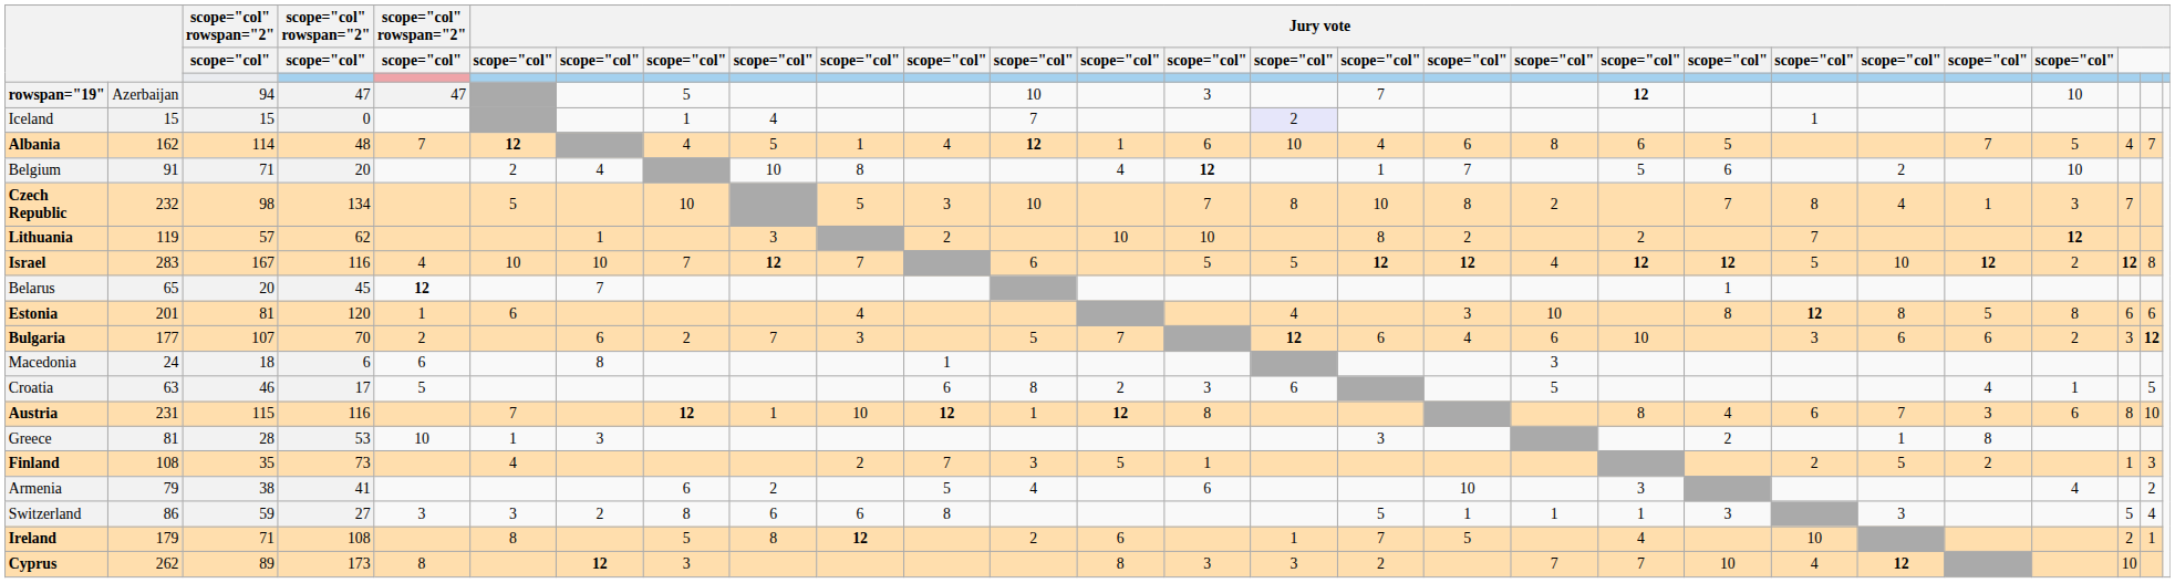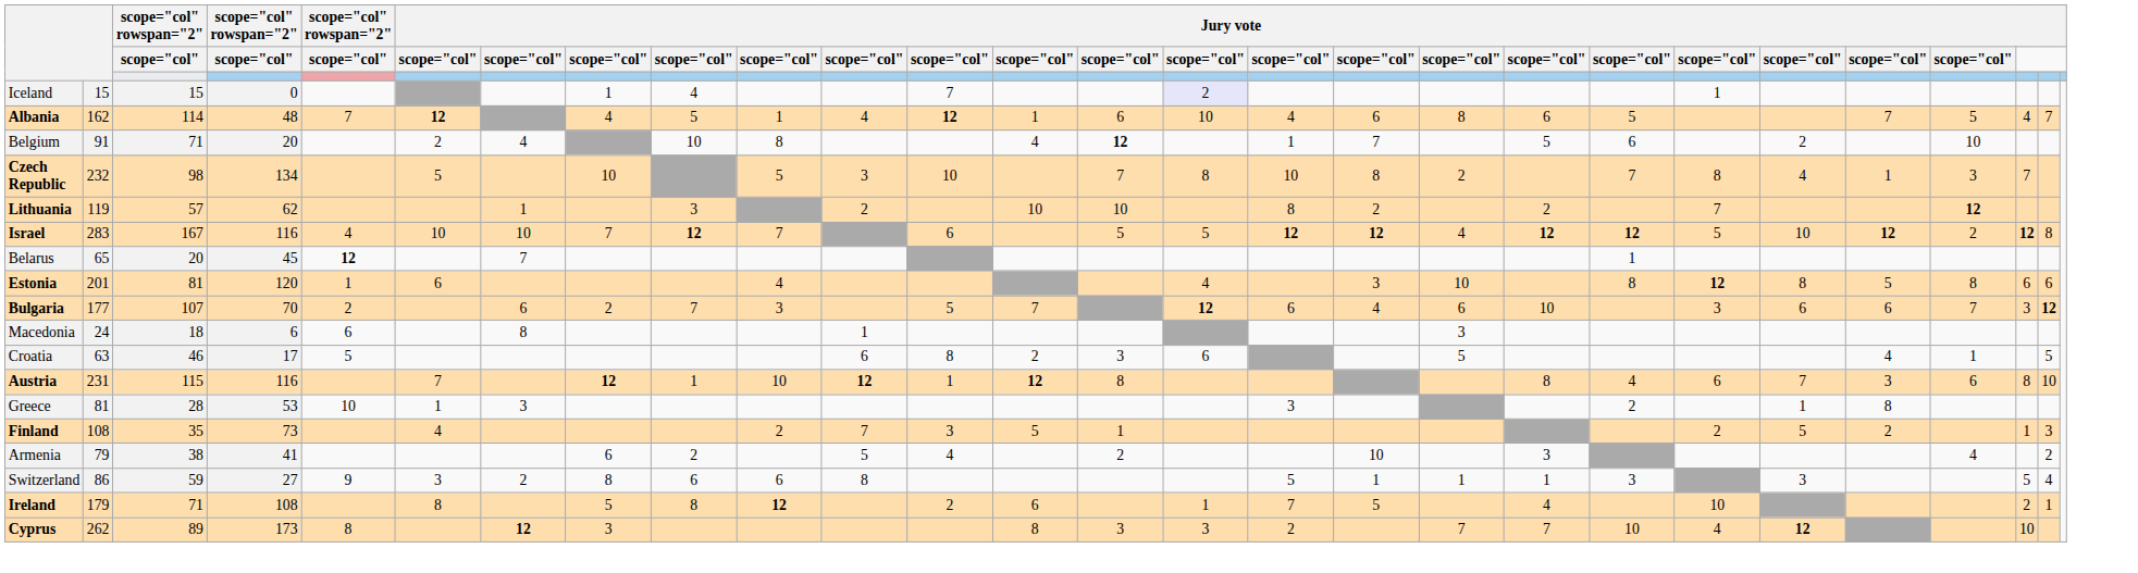 <table class="wikitable plainrowheaders" style="text-align:center; font-size:85%;">
 <tr>
 </tr>
 <tr>
 <td colspan="2" rowspan="3" style="background: #F2F2F2;"></td>
 <th>scope="col" rowspan="2" </th>
 <th>scope="col" rowspan="2" </th>
 <th>scope="col" rowspan="2" </th>
 <th scope="col" colspan="22">Jury vote</th>
 </tr>
 <tr>
 <th>scope="col" </th>
 <th>scope="col" </th>
 <th>scope="col" </th>
 <th>scope="col" </th>
 <th>scope="col" </th>
 <th>scope="col" </th>
 <th>scope="col" </th>
 <th>scope="col" </th>
 <th>scope="col" </th>
 <th>scope="col" </th>
 <th>scope="col" </th>
 <th>scope="col" </th>
 <th>scope="col" </th>
 <th>scope="col" </th>
 <th>scope="col" </th>
 <th>scope="col" </th>
 <th>scope="col" </th>
 <th>scope="col" </th>
 <th>scope="col" </th>
 <th>scope="col" </th>
 <th>scope="col" </th>
 <th>scope="col" </th>
 </tr>
 <tr>
 <td style="height:2px; background:#eaecf0; border-top:1px solid transparent;"></td>
 <td style="background:#A4D1EF;"></td>
 <td style="background:#EFA4A9;"></td>
 <th style="background:#A4D1EF;"></th>
 <th style="background:#A4D1EF;"></th>
 <th style="background:#A4D1EF;"></th>
 <th style="background:#A4D1EF;"></th>
 <th style="background:#A4D1EF;"></th>
 <th style="background:#A4D1EF;"></th>
 <th style="background:#A4D1EF;"></th>
 <th style="background:#A4D1EF;"></th>
 <th style="background:#A4D1EF;"></th>
 <th style="background:#A4D1EF;"></th>
 <th style="background:#A4D1EF;"></th>
 <th style="background:#A4D1EF;"></th>
 <th style="background:#A4D1EF;"></th>
 <th style="background:#A4D1EF;"></th>
 <th style="background:#A4D1EF;"></th>
 <th style="background:#A4D1EF;"></th>
 <th style="background:#A4D1EF;"></th>
 <th style="background:#A4D1EF;"></th>
 <th style="background:#A4D1EF;"></th>
 <th style="background:#A4D1EF;"></th>
 <th style="background:#A4D1EF;"></th>
 <th style="background:#A4D1EF;"></th>
-</tr>
-<tr>
-<th>rowspan="19" </th>
-<td scope="row" style="text-align:left; background:#f2f2f2;">Azerbaijan</td>
-<td style="text-align:right; background:#f2f2f2;">94</td>
-<td style="text-align:right; background:#f2f2f2;">47</td>
-<td style="text-align:right; background:#f2f2f2;">47</td>
-<td style="background:#AAAAAA;"></td>
-<td></td>
-<td>5</td>
-<td></td>
-<td></td>
-<td></td>
-<td>10</td>
-<td></td>
-<td>3</td>
-<td></td>
-<td>7</td>
-<td></td>
-<td></td>
-<td><strong>12</strong></td>
-<td></td>
-<td></td>
-<td></td>
-<td></td>
-<td>10</td>
-<td></td>
-<td></td>
-<td></td>
 </tr>
 <tr>
 <td scope="row" style="text-align:left; background:#f2f2f2;">Iceland</td>
 <td style="text-align:right; background:#f2f2f2;">15</td>
 <td style="text-align:right; background:#f2f2f2;">15</td>
 <td style="text-align:right; background:#f2f2f2;">0</td>
 <td></td>
 <td style="background:#AAAAAA;"></td>
 <td></td>
 <td>1</td>
 <td>4</td>
 <td></td>
 <td></td>
 <td>7</td>
 <td></td>
 <td></td>
 <td style="background: lavender;">2</td>
 <td></td>
 <td></td>
 <td></td>
 <td></td>
 <td></td>
 <td>1</td>
 <td></td>
 <td></td>
 <td></td>
 <td></td>
 <td></td>
 </tr>
 <tr style="background:#ffdead;">
 <td scope="row" style="text-align:left; font-weight:bold; background:#ffdead;">Albania</td>
 <td style="text-align:right;">162</td>
 <td style="text-align:right;">114</td>
 <td style="text-align:right;">48</td>
 <td>7</td>
 <td><strong>12</strong></td>
 <td style="background:#AAAAAA;"></td>
 <td>4</td>
 <td>5</td>
 <td>1</td>
 <td>4</td>
 <td><strong>12</strong></td>
 <td>1</td>
 <td>6</td>
 <td>10</td>
 <td>4</td>
 <td>6</td>
 <td>8</td>
 <td>6</td>
 <td>5</td>
 <td></td>
 <td></td>
 <td>7</td>
 <td>5</td>
 <td>4</td>
 <td>7</td>
 </tr>
 <tr>
 <td scope="row" style="text-align:left; background:#f2f2f2;">Belgium</td>
 <td style="text-align:right; background:#f2f2f2;">91</td>
 <td style="text-align:right; background:#f2f2f2;">71</td>
 <td style="text-align:right; background:#f2f2f2;">20</td>
 <td></td>
 <td>2</td>
 <td>4</td>
 <td style="background:#AAAAAA;"></td>
 <td>10</td>
 <td>8</td>
 <td></td>
 <td></td>
 <td>4</td>
 <td><strong>12</strong></td>
 <td></td>
 <td>1</td>
 <td>7</td>
 <td></td>
 <td>5</td>
 <td>6</td>
 <td></td>
 <td>2</td>
 <td></td>
 <td>10</td>
 <td></td>
 <td></td>
 </tr>
 <tr style="background:#ffdead;">
 <td scope="row" style="text-align:left; font-weight:bold; background:#ffdead;">Czech Republic</td>
 <td style="text-align:right;">232</td>
 <td style="text-align:right;">98</td>
 <td style="text-align:right;">134</td>
 <td></td>
 <td>5</td>
 <td></td>
 <td>10</td>
 <td style="background:#AAAAAA;"></td>
 <td>5</td>
 <td>3</td>
 <td>10</td>
 <td></td>
 <td>7</td>
 <td>8</td>
 <td>10</td>
 <td>8</td>
 <td>2</td>
 <td></td>
 <td>7</td>
 <td>8</td>
 <td>4</td>
 <td>1</td>
 <td>3</td>
 <td>7</td>
 <td></td>
 </tr>
 <tr style="background:#ffdead;">
 <td scope="row" style="text-align:left; font-weight:bold; background:#ffdead;">Lithuania</td>
 <td style="text-align:right;">119</td>
 <td style="text-align:right;">57</td>
 <td style="text-align:right;">62</td>
 <td></td>
 <td></td>
 <td>1</td>
 <td></td>
 <td>3</td>
 <td style="background:#AAAAAA;"></td>
 <td>2</td>
 <td></td>
 <td>10</td>
 <td>10</td>
 <td></td>
 <td>8</td>
 <td>2</td>
 <td></td>
 <td>2</td>
 <td></td>
 <td>7</td>
 <td></td>
 <td></td>
 <td><strong>12</strong></td>
 <td></td>
 <td></td>
 </tr>
 <tr style="background:#ffdead;">
 <td scope="row" style="text-align:left; font-weight:bold; background:#ffdead;">Israel</td>
 <td style="text-align:right;">283</td>
 <td style="text-align:right;">167</td>
 <td style="text-align:right;">116</td>
 <td>4</td>
 <td>10</td>
 <td>10</td>
 <td>7</td>
 <td><strong>12</strong></td>
 <td>7</td>
 <td style="background:#AAAAAA;"></td>
 <td>6</td>
 <td></td>
 <td>5</td>
 <td>5</td>
 <td><strong>12</strong></td>
 <td><strong>12</strong></td>
 <td>4</td>
 <td><strong>12</strong></td>
 <td><strong>12</strong></td>
 <td>5</td>
 <td>10</td>
 <td><strong>12</strong></td>
 <td>2</td>
 <td><strong>12</strong></td>
 <td>8</td>
 </tr>
 <tr>
 <td scope="row" style="text-align:left; background:#f2f2f2;">Belarus</td>
 <td style="text-align:right; background:#f2f2f2;">65</td>
 <td style="text-align:right; background:#f2f2f2;">20</td>
 <td style="text-align:right; background:#f2f2f2;">45</td>
 <td><strong>12</strong></td>
 <td></td>
 <td>7</td>
 <td></td>
 <td></td>
 <td></td>
 <td></td>
 <td style="background:#AAAAAA;"></td>
 <td></td>
 <td></td>
 <td></td>
 <td></td>
 <td></td>
 <td></td>
 <td></td>
 <td>1</td>
 <td></td>
 <td></td>
 <td></td>
 <td></td>
 <td></td>
 <td></td>
 </tr>
 <tr style="background:#ffdead;">
 <td scope="row" style="text-align:left; font-weight:bold; background:#ffdead;">Estonia</td>
 <td style="text-align:right;">201</td>
 <td style="text-align:right;">81</td>
 <td style="text-align:right;">120</td>
 <td>1</td>
 <td>6</td>
 <td></td>
 <td></td>
 <td></td>
 <td>4</td>
 <td></td>
 <td></td>
 <td style="background:#AAAAAA;"></td>
 <td></td>
 <td>4</td>
 <td></td>
 <td>3</td>
 <td>10</td>
 <td></td>
 <td>8</td>
 <td><strong>12</strong></td>
 <td>8</td>
 <td>5</td>
 <td>8</td>
 <td>6</td>
 <td>6</td>
 </tr>
 <tr style="background:#ffdead;">
 <td scope="row" style="text-align:left; font-weight:bold; background:#ffdead;">Bulgaria</td>
 <td style="text-align:right;">177</td>
 <td style="text-align:right;">107</td>
 <td style="text-align:right;">70</td>
 <td>2</td>
 <td></td>
 <td>6</td>
 <td>2</td>
 <td>7</td>
 <td>3</td>
 <td></td>
 <td>5</td>
 <td>7</td>
 <td style="background:#AAAAAA;"></td>
 <td><strong>12</strong></td>
 <td>6</td>
 <td>4</td>
 <td>6</td>
 <td>10</td>
 <td></td>
 <td>3</td>
 <td>6</td>
 <td>6</td>
-<td>2</td>
+<td>7</td>
 <td>3</td>
 <td><strong>12</strong></td>
 </tr>
 <tr>
 <td scope="row" style="text-align:left; background:#f2f2f2;">Macedonia</td>
 <td style="text-align:right; background:#f2f2f2;">24</td>
 <td style="text-align:right; background:#f2f2f2;">18</td>
 <td style="text-align:right; background:#f2f2f2;">6</td>
 <td>6</td>
 <td></td>
 <td>8</td>
 <td></td>
 <td></td>
 <td></td>
 <td>1</td>
 <td></td>
 <td></td>
 <td></td>
 <td style="background:#AAAAAA;"></td>
 <td></td>
 <td></td>
 <td>3</td>
 <td></td>
 <td></td>
 <td></td>
 <td></td>
 <td></td>
 <td></td>
 <td></td>
 <td></td>
 </tr>
 <tr>
 <td scope="row" style="text-align:left; background:#f2f2f2;">Croatia</td>
 <td style="text-align:right; background:#f2f2f2;">63</td>
 <td style="text-align:right; background:#f2f2f2;">46</td>
 <td style="text-align:right; background:#f2f2f2;">17</td>
 <td>5</td>
 <td></td>
 <td></td>
 <td></td>
 <td></td>
 <td></td>
 <td>6</td>
 <td>8</td>
 <td>2</td>
 <td>3</td>
 <td>6</td>
 <td style="background:#AAAAAA;"></td>
 <td></td>
 <td>5</td>
 <td></td>
 <td></td>
 <td></td>
 <td></td>
 <td>4</td>
 <td>1</td>
 <td></td>
 <td>5</td>
 </tr>
 <tr style="background:#ffdead;">
 <td scope="row" style="text-align:left; font-weight:bold; background:#ffdead;">Austria</td>
 <td style="text-align:right;">231</td>
 <td style="text-align:right;">115</td>
 <td style="text-align:right;">116</td>
 <td></td>
 <td>7</td>
 <td></td>
 <td><strong>12</strong></td>
 <td>1</td>
 <td>10</td>
 <td><strong>12</strong></td>
 <td>1</td>
 <td><strong>12</strong></td>
 <td>8</td>
 <td></td>
 <td></td>
 <td style="background:#AAAAAA;"></td>
 <td></td>
 <td>8</td>
 <td>4</td>
 <td>6</td>
 <td>7</td>
 <td>3</td>
 <td>6</td>
 <td>8</td>
 <td>10</td>
 </tr>
 <tr>
 <td scope="row" style="text-align:left; background:#f2f2f2;">Greece</td>
 <td style="text-align:right; background:#f2f2f2;">81</td>
 <td style="text-align:right; background:#f2f2f2;">28</td>
 <td style="text-align:right; background:#f2f2f2;">53</td>
 <td>10</td>
 <td>1</td>
 <td>3</td>
 <td></td>
 <td></td>
 <td></td>
 <td></td>
 <td></td>
 <td></td>
 <td></td>
 <td></td>
 <td>3</td>
 <td></td>
 <td style="background:#AAAAAA;"></td>
 <td></td>
 <td>2</td>
 <td></td>
 <td>1</td>
 <td>8</td>
 <td></td>
 <td></td>
 <td></td>
 </tr>
 <tr style="background:#ffdead;">
 <td scope="row" style="text-align:left; font-weight:bold; background:#ffdead;">Finland</td>
 <td style="text-align:right;">108</td>
 <td style="text-align:right;">35</td>
 <td style="text-align:right;">73</td>
 <td></td>
 <td>4</td>
 <td></td>
 <td></td>
 <td></td>
 <td>2</td>
 <td>7</td>
 <td>3</td>
 <td>5</td>
 <td>1</td>
 <td></td>
 <td></td>
 <td></td>
 <td></td>
 <td style="background:#AAAAAA;"></td>
 <td></td>
 <td>2</td>
 <td>5</td>
 <td>2</td>
 <td></td>
 <td>1</td>
 <td>3</td>
 </tr>
 <tr>
 <td scope="row" style="text-align:left; background:#f2f2f2;">Armenia</td>
 <td style="text-align:right; background:#f2f2f2;">79</td>
 <td style="text-align:right; background:#f2f2f2;">38</td>
 <td style="text-align:right; background:#f2f2f2;">41</td>
 <td></td>
 <td></td>
 <td></td>
 <td>6</td>
 <td>2</td>
 <td></td>
 <td>5</td>
 <td>4</td>
 <td></td>
-<td>6</td>
+<td>2</td>
 <td></td>
 <td></td>
 <td>10</td>
 <td></td>
 <td>3</td>
 <td style="background:#AAAAAA;"></td>
 <td></td>
 <td></td>
 <td></td>
 <td>4</td>
 <td></td>
 <td>2</td>
 </tr>
 <tr>
 <td scope="row" style="text-align:left; background:#f2f2f2;">Switzerland</td>
 <td style="text-align:right; background:#f2f2f2;">86</td>
 <td style="text-align:right; background:#f2f2f2;">59</td>
 <td style="text-align:right; background:#f2f2f2;">27</td>
-<td>3</td>
+<td>9</td>
 <td>3</td>
 <td>2</td>
 <td>8</td>
 <td>6</td>
 <td>6</td>
 <td>8</td>
 <td></td>
 <td></td>
 <td></td>
 <td></td>
 <td>5</td>
 <td>1</td>
 <td>1</td>
 <td>1</td>
 <td>3</td>
 <td style="background:#AAAAAA;"></td>
 <td>3</td>
 <td></td>
 <td></td>
 <td>5</td>
 <td>4</td>
 </tr>
 <tr style="background:#ffdead;">
 <td scope="row" style="text-align:left; font-weight:bold; background:#ffdead;">Ireland</td>
 <td style="text-align:right;">179</td>
 <td style="text-align:right;">71</td>
 <td style="text-align:right;">108</td>
 <td></td>
 <td>8</td>
 <td></td>
 <td>5</td>
 <td>8</td>
 <td><strong>12</strong></td>
 <td></td>
 <td>2</td>
 <td>6</td>
 <td></td>
 <td>1</td>
 <td>7</td>
 <td>5</td>
 <td></td>
 <td>4</td>
 <td></td>
 <td>10</td>
 <td style="background:#AAAAAA;"></td>
 <td></td>
 <td></td>
 <td>2</td>
 <td>1</td>
 </tr>
 <tr style="background:#ffdead;">
 <td scope="row" style="text-align:left; font-weight:bold; background:#ffdead;">Cyprus</td>
 <td style="text-align:right;">262</td>
 <td style="text-align:right;">89</td>
 <td style="text-align:right;">173</td>
 <td>8</td>
 <td></td>
 <td><strong>12</strong></td>
 <td>3</td>
 <td></td>
 <td></td>
 <td></td>
 <td></td>
 <td>8</td>
 <td>3</td>
 <td>3</td>
 <td>2</td>
 <td></td>
 <td>7</td>
 <td>7</td>
 <td>10</td>
 <td>4</td>
 <td><strong>12</strong></td>
 <td style="background:#AAAAAA;"></td>
 <td></td>
 <td>10</td>
 <td></td>
 </tr>
 </table>
